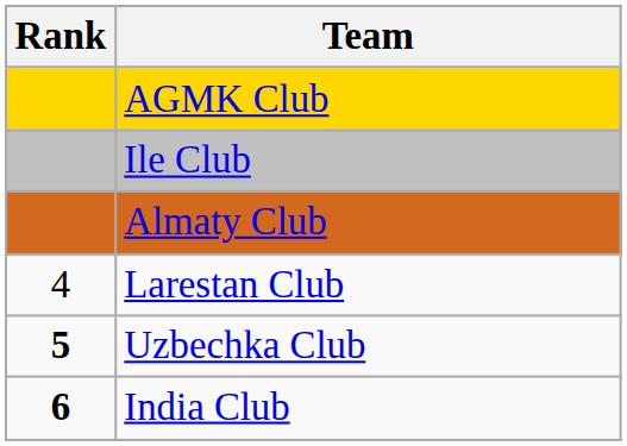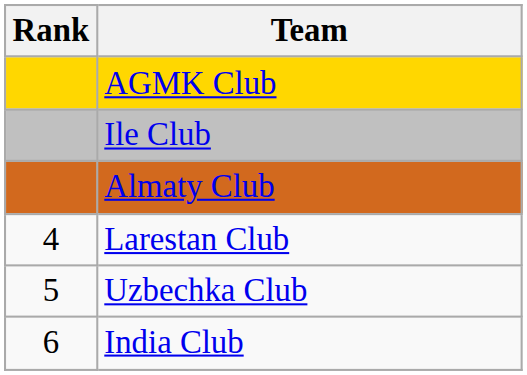 <table class=wikitable style="text-align:center;">
 <tr>
 <th>Rank</th>
 <th width=200>Team</th>
 </tr>
 <tr bgcolor=FFD700>
 <td></td>
 <td align=left> <a href='#'>AGMK Club</a></td>
 </tr>
 <tr bgcolor=C0C0C0>
 <td></td>
 <td align=left> <a href='#'>Ile Club</a></td>
 </tr>
 <tr bgcolor=D2691E>
 <td></td>
 <td align=left> <a href='#'>Almaty Club</a></td>
 </tr>
 <tr>
 <td>4</td>
 <td align=left> <a href='#'>Larestan Club</a></td>
 </tr>
 <tr>
-<td><strong>5</strong></td>
+<td>5</td>
 <td align=left> <a href='#'>Uzbechka Club</a></td>
 </tr>
 <tr>
-<td><strong>6</strong></td>
+<td>6</td>
 <td align=left> <a href='#'>India Club</a></td>
 </tr>
 </table>
